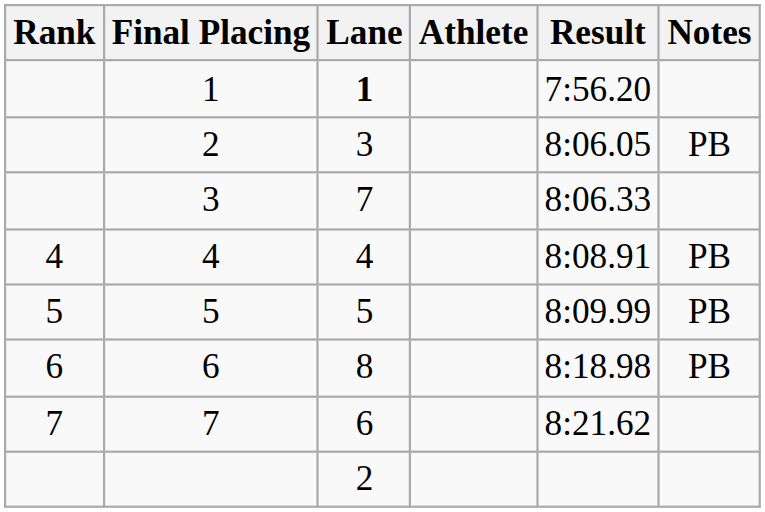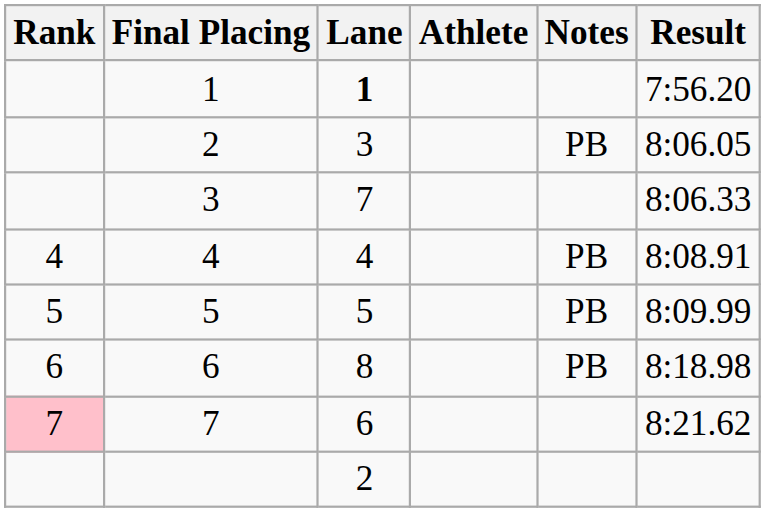 <table class="wikitable sortable" style="text-align:center">
 <tr>
 <th>Rank</th>
 <th>Final Placing</th>
 <th>Lane</th>
 <th>Athlete</th>
+<th>Notes</th>
 <th>Result</th>
-<th>Notes</th>
 </tr>
 <tr>
 <td></td>
 <td>1</td>
 <td><strong>1</strong></td>
 <td align=left></td>
+<td></td>
 <td>7:56.20</td>
-<td></td>
 </tr>
 <tr>
 <td></td>
 <td>2</td>
 <td>3</td>
 <td align=left></td>
+<td>PB</td>
 <td>8:06.05</td>
-<td>PB</td>
 </tr>
 <tr>
 <td></td>
 <td>3</td>
 <td>7</td>
 <td align=left></td>
+<td></td>
 <td>8:06.33</td>
-<td></td>
 </tr>
 <tr>
 <td>4</td>
 <td>4</td>
 <td>4</td>
 <td align=left></td>
+<td>PB</td>
 <td>8:08.91</td>
-<td>PB</td>
 </tr>
 <tr>
 <td>5</td>
 <td>5</td>
 <td>5</td>
 <td align=left></td>
+<td>PB</td>
 <td>8:09.99</td>
-<td>PB</td>
 </tr>
 <tr>
 <td>6</td>
 <td>6</td>
 <td>8</td>
 <td align=left></td>
+<td>PB</td>
 <td>8:18.98</td>
-<td>PB</td>
 </tr>
 <tr>
-<td>7</td>
+<td style="background: pink;">7</td>
 <td>7</td>
 <td>6</td>
 <td align=left></td>
+<td></td>
 <td>8:21.62</td>
-<td></td>
 </tr>
 <tr>
 <td></td>
 <td></td>
 <td>2</td>
 <td align=left></td>
 <td></td>
 <td></td>
 </tr>
 </table>
